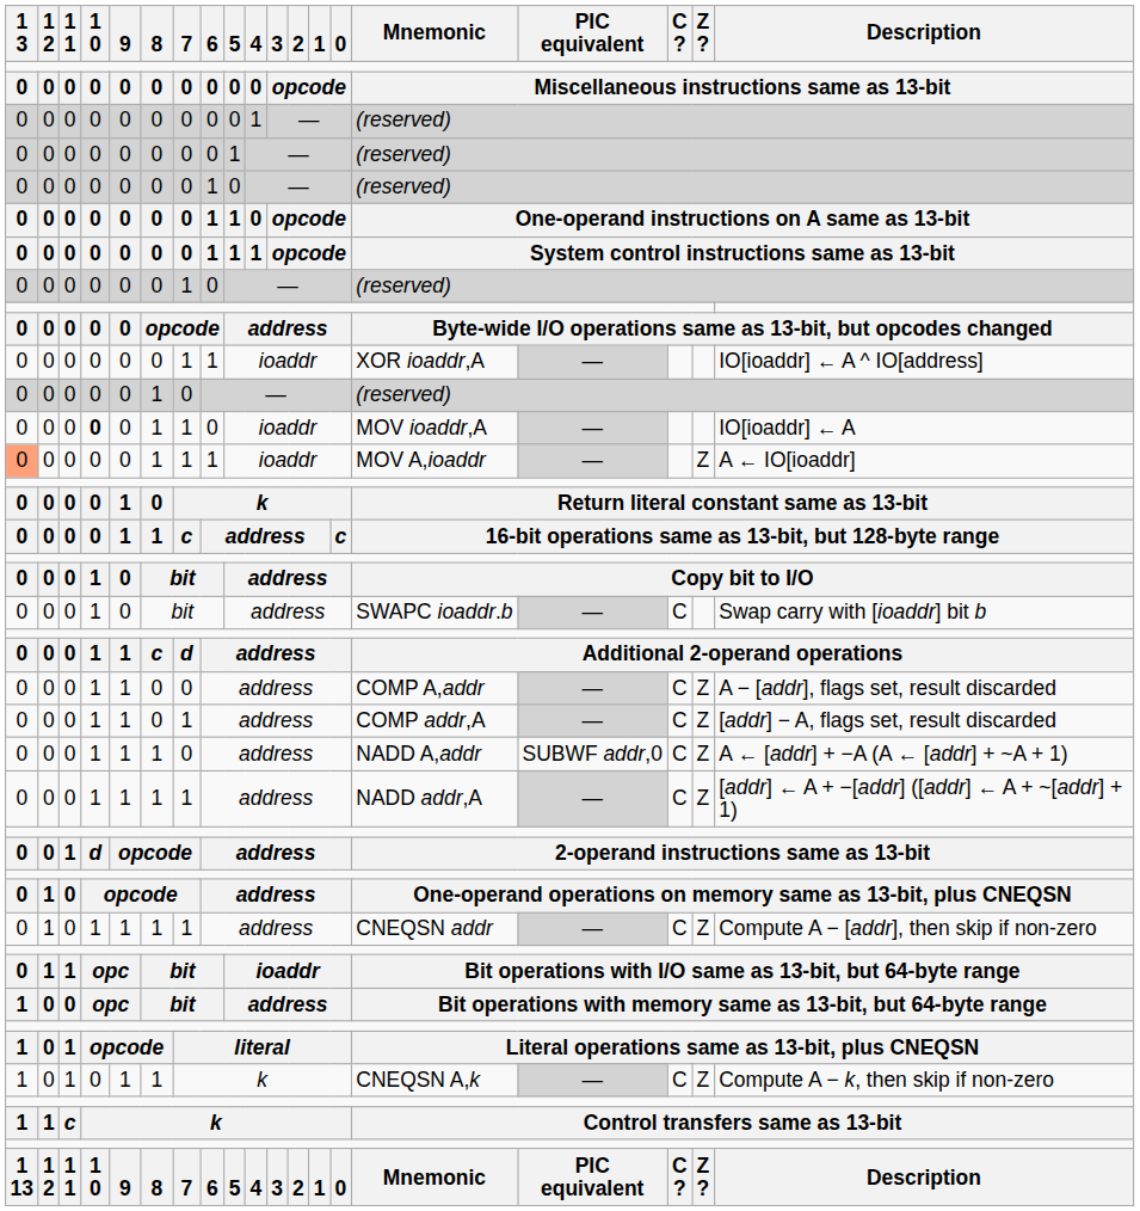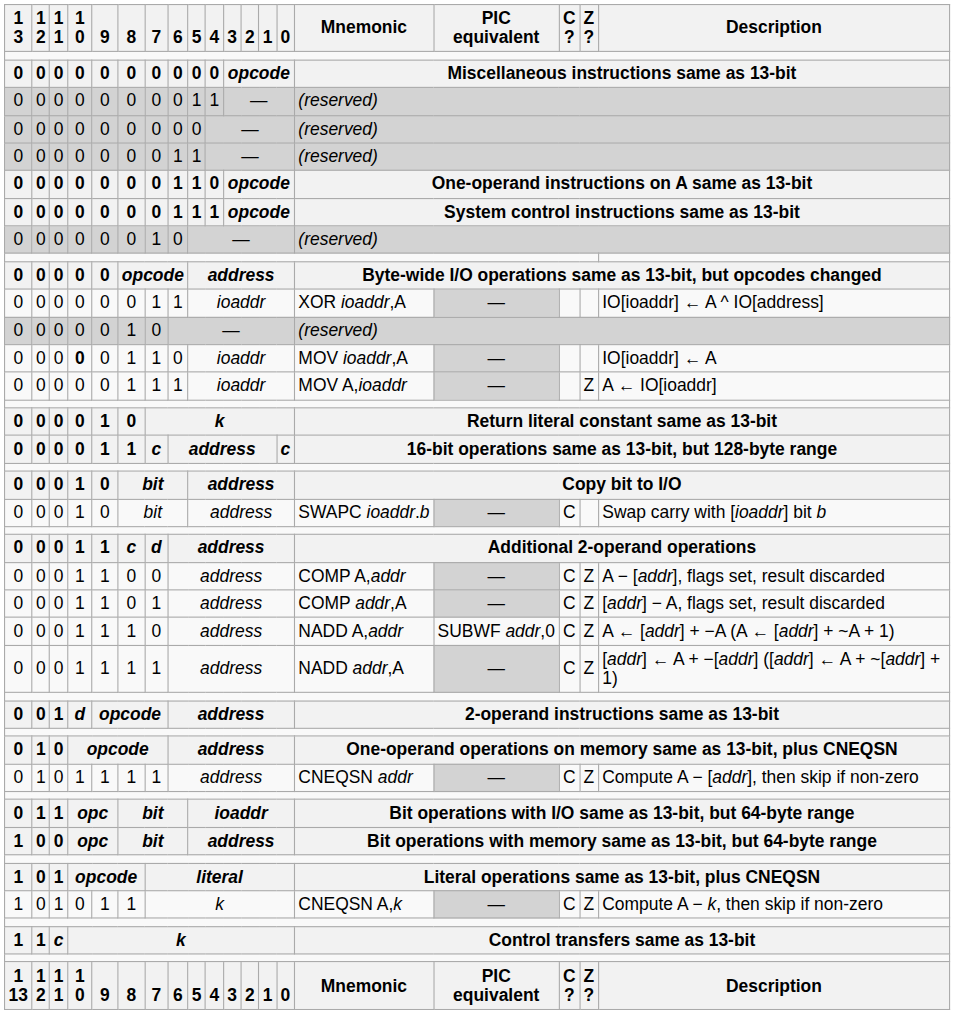 <table class="wikitable" style="text-align:center">
 <tr>
 <th>1<br>3</th>
 <th>1<br>2</th>
 <th>1<br>1</th>
 <th>1<br>0</th>
 <th><br>9</th>
 <th><br>8</th>
 <th><br>7</th>
 <th><br>6</th>
 <th><br>5</th>
 <th><br>4</th>
 <th><br>3</th>
 <th><br>2</th>
 <th><br>1</th>
 <th><br>0</th>
 <th>Mnemonic</th>
 <th>PIC<br>equivalent</th>
 <th>C<br>?</th>
 <th>Z<br>?</th>
 <th>Description</th>
 </tr>
 <tr>
 <td colspan=19></td>
 </tr>
 <tr>
 <th>0</th>
 <th>0</th>
 <th>0</th>
 <th>0</th>
 <th>0</th>
 <th>0</th>
 <th>0</th>
 <th>0</th>
 <th>0</th>
 <th>0</th>
 <th colspan=4><em>opcode</em></th>
 <th colspan=5>Miscellaneous instructions same as 13-bit</th>
 </tr>
 <tr bgcolor=lightgrey>
 <td>0</td>
 <td>0</td>
 <td>0</td>
 <td>0</td>
 <td>0</td>
 <td>0</td>
 <td>0</td>
 <td>0</td>
-<td>0</td>
+<td>1</td>
 <td>1</td>
 <td colspan=4>—</td>
 <td colspan=5 align=left><em>(reserved)</em></td>
 </tr>
 <tr bgcolor=lightgrey>
 <td>0</td>
 <td>0</td>
 <td>0</td>
 <td>0</td>
 <td>0</td>
 <td>0</td>
 <td>0</td>
 <td>0</td>
-<td>1</td>
+<td>0</td>
 <td colspan=5>—</td>
 <td colspan=5 align=left><em>(reserved)</em></td>
 </tr>
 <tr bgcolor=lightgrey>
 <td>0</td>
 <td>0</td>
 <td>0</td>
 <td>0</td>
 <td>0</td>
 <td>0</td>
 <td>0</td>
 <td>1</td>
-<td>0</td>
+<td>1</td>
 <td colspan=5>—</td>
 <td colspan=5 align=left><em>(reserved)</em></td>
 </tr>
 <tr>
 <th>0</th>
 <th>0</th>
 <th>0</th>
 <th>0</th>
 <th>0</th>
 <th>0</th>
 <th>0</th>
 <th>1</th>
 <th>1</th>
 <th>0</th>
 <th colspan=4><em>opcode</em></th>
 <th colspan=5>One-operand instructions on A same as 13-bit</th>
 </tr>
 <tr>
 <th>0</th>
 <th>0</th>
 <th>0</th>
 <th>0</th>
 <th>0</th>
 <th>0</th>
 <th>0</th>
 <th>1</th>
 <th>1</th>
 <th>1</th>
 <th colspan=4><em>opcode</em></th>
 <th colspan=5>System control instructions same as 13-bit</th>
 </tr>
 <tr bgcolor=lightgrey>
 <td>0</td>
 <td>0</td>
 <td>0</td>
 <td>0</td>
 <td>0</td>
 <td>0</td>
 <td>1</td>
 <td>0</td>
 <td colspan=6>—</td>
 <td colspan=5 align=left><em>(reserved)</em></td>
 </tr>
 <tr>
 <td colspan=18></td>
 </tr>
 <tr>
 <th>0</th>
 <th>0</th>
 <th>0</th>
 <th>0</th>
 <th>0</th>
 <th colspan=3><em>opcode</em></th>
 <th colspan=6><em>address</em></th>
 <th colspan=5>Byte-wide I/O operations same as 13-bit, but opcodes changed</th>
 </tr>
 <tr>
 <td>0</td>
 <td>0</td>
 <td>0</td>
 <td>0</td>
 <td>0</td>
 <td>0</td>
 <td>1</td>
 <td>1</td>
 <td colspan=6><em>ioaddr</em></td>
 <td align=left>XOR <em>ioaddr</em>,A</td>
 <td bgcolor=lightgrey>—</td>
 <td></td>
 <td></td>
 <td align=left>IO[ioaddr] ← A ^ IO[address]</td>
 </tr>
 <tr bgcolor=lightgrey>
 <td>0</td>
 <td>0</td>
 <td>0</td>
 <td>0</td>
 <td>0</td>
 <td>1</td>
 <td>0</td>
 <td colspan=7>—</td>
 <td colspan=5 align=left><em>(reserved)</em></td>
 </tr>
 <tr>
 <td>0</td>
 <td>0</td>
 <td>0</td>
 <td><strong>0</strong></td>
 <td>0</td>
 <td>1</td>
 <td>1</td>
 <td>0</td>
 <td colspan=6><em>ioaddr</em></td>
 <td align=left>MOV <em>ioaddr</em>,A</td>
 <td bgcolor=lightgrey>—</td>
 <td></td>
 <td></td>
 <td align=left>IO[ioaddr] ← A</td>
 </tr>
 <tr>
-<td style="background: lightsalmon;">0</td>
+<td>0</td>
 <td>0</td>
 <td>0</td>
 <td>0</td>
 <td>0</td>
 <td>1</td>
 <td>1</td>
 <td>1</td>
 <td colspan=6><em>ioaddr</em></td>
 <td align=left>MOV A,<em>ioaddr</em></td>
 <td bgcolor=lightgrey>—</td>
 <td></td>
 <td>Z</td>
 <td align=left>A ← IO[ioaddr]</td>
 </tr>
 <tr>
 <td colspan=19></td>
 </tr>
 <tr>
 <th>0</th>
 <th>0</th>
 <th>0</th>
 <th>0</th>
 <th>1</th>
 <th>0</th>
 <th colspan=8><em>k</em></th>
 <th colspan=5>Return literal constant same as 13-bit</th>
 </tr>
 <tr>
 <th>0</th>
 <th>0</th>
 <th>0</th>
 <th>0</th>
 <th>1</th>
 <th>1</th>
 <th><em>c</em></th>
 <th colspan=6><em>address</em></th>
 <th><em>c</em></th>
 <th colspan=5>16-bit operations same as 13-bit, but 128-byte range</th>
 </tr>
 <tr>
 <td colspan=19></td>
 </tr>
 <tr>
 <th>0</th>
 <th>0</th>
 <th>0</th>
 <th>1</th>
 <th>0</th>
 <th colspan=3><em>bit</em></th>
 <th colspan=6><em>address</em></th>
 <th colspan=5>Copy bit to I/O</th>
 </tr>
 <tr>
 <td>0</td>
 <td>0</td>
 <td>0</td>
 <td>1</td>
 <td>0</td>
 <td colspan=3><em>bit</em></td>
 <td colspan=6><em>address</em></td>
 <td align=left>SWAPC <em>ioaddr</em>.<em>b</em></td>
 <td bgcolor=lightgrey>—</td>
 <td>C</td>
 <td></td>
 <td align=left>Swap carry with [<em>ioaddr</em>] bit <em>b</em></td>
 </tr>
 <tr>
 <td colspan=19></td>
 </tr>
 <tr>
 <th>0</th>
 <th>0</th>
 <th>0</th>
 <th>1</th>
 <th>1</th>
 <th><em>c</em></th>
 <th><em>d</em></th>
 <th colspan=7><em>address</em></th>
 <th colspan=5>Additional 2-operand operations</th>
 </tr>
 <tr>
 <td>0</td>
 <td>0</td>
 <td>0</td>
 <td>1</td>
 <td>1</td>
 <td>0</td>
 <td>0</td>
 <td colspan=7><em>address</em></td>
 <td align=left>COMP A,<em>addr</em></td>
 <td bgcolor=lightgrey>—</td>
 <td>C</td>
 <td>Z</td>
 <td align=left>A − [<em>addr</em>], flags set, result discarded</td>
 </tr>
 <tr>
 <td>0</td>
 <td>0</td>
 <td>0</td>
 <td>1</td>
 <td>1</td>
 <td>0</td>
 <td>1</td>
 <td colspan=7><em>address</em></td>
 <td align=left>COMP <em>addr</em>,A</td>
 <td bgcolor=lightgrey>—</td>
 <td>C</td>
 <td>Z</td>
 <td align=left>[<em>addr</em>] − A, flags set, result discarded</td>
 </tr>
 <tr>
 <td>0</td>
 <td>0</td>
 <td>0</td>
 <td>1</td>
 <td>1</td>
 <td>1</td>
 <td>0</td>
 <td colspan=7><em>address</em></td>
 <td align=left>NADD A,<em>addr</em></td>
 <td align=left>SUBWF <em>addr</em>,0</td>
 <td>C</td>
 <td>Z</td>
 <td align=left>A ← [<em>addr</em>] + −A (A ← [<em>addr</em>] + ~A + 1)</td>
 </tr>
 <tr>
 <td>0</td>
 <td>0</td>
 <td>0</td>
 <td>1</td>
 <td>1</td>
 <td>1</td>
 <td>1</td>
 <td colspan=7><em>address</em></td>
 <td align=left>NADD <em>addr</em>,A</td>
 <td bgcolor=lightgrey>—</td>
 <td>C</td>
 <td>Z</td>
 <td align=left>[<em>addr</em>] ← A + −[<em>addr</em>] ([<em>addr</em>] ← A + ~[<em>addr</em>] + 1)</td>
 </tr>
 <tr>
 <td colspan=19></td>
 </tr>
 <tr>
 <th>0</th>
 <th>0</th>
 <th>1</th>
 <th><em>d</em></th>
 <th colspan=3><em>opcode</em></th>
 <th colspan=7><em>address</em></th>
 <th colspan=5>2-operand instructions same as 13-bit</th>
 </tr>
 <tr>
 <td colspan=19></td>
 </tr>
 <tr>
 <th>0</th>
 <th>1</th>
 <th>0</th>
 <th colspan=4><em>opcode</em></th>
 <th colspan=7><em>address</em></th>
 <th colspan=5>One-operand operations on memory same as 13-bit, plus CNEQSN</th>
 </tr>
 <tr>
 <td>0</td>
 <td>1</td>
 <td>0</td>
 <td>1</td>
 <td>1</td>
 <td>1</td>
 <td>1</td>
 <td colspan=7><em>address</em></td>
 <td align=left>CNEQSN <em>addr</em></td>
 <td bgcolor=lightgrey>—</td>
 <td>C</td>
 <td>Z</td>
 <td align=left>Compute A − [<em>addr</em>], then skip if non-zero</td>
 </tr>
 <tr>
 <td colspan=19></td>
 </tr>
 <tr>
 <th>0</th>
 <th>1</th>
 <th>1</th>
 <th colspan=2><em>opc</em></th>
 <th colspan=3><em>bit</em></th>
 <th colspan=6><em>ioaddr</em></th>
 <th colspan=5>Bit operations with I/O same as 13-bit, but 64-byte range</th>
 </tr>
 <tr>
 <th>1</th>
 <th>0</th>
 <th>0</th>
 <th colspan=2><em>opc</em></th>
 <th colspan=3><em>bit</em></th>
 <th colspan=6><em>address</em></th>
 <th colspan=5>Bit operations with memory same as 13-bit,  but 64-byte range</th>
 </tr>
 <tr>
 <td colspan=19></td>
 </tr>
 <tr>
 <th>1</th>
 <th>0</th>
 <th>1</th>
 <th colspan=3><em>opcode</em></th>
 <th colspan=8><em>literal</em></th>
 <th colspan=5>Literal operations same as 13-bit, plus CNEQSN</th>
 </tr>
 <tr>
 <td>1</td>
 <td>0</td>
 <td>1</td>
 <td>0</td>
 <td>1</td>
 <td>1</td>
 <td colspan=8><em>k</em></td>
 <td align=left>CNEQSN A,<em>k</em></td>
 <td bgcolor=lightgrey>—</td>
 <td>C</td>
 <td>Z</td>
 <td align=left>Compute A − <em>k</em>, then skip if non-zero</td>
 </tr>
 <tr>
 <td colspan=19></td>
 </tr>
 <tr>
 <th>1</th>
 <th>1</th>
 <th><em>c</em></th>
 <th colspan=11><em>k</em></th>
 <th colspan=5>Control transfers same as 13-bit</th>
 </tr>
 <tr>
 <td colspan=19></td>
 </tr>
 <tr>
 <th>1<br>13</th>
 <th>1<br>2</th>
 <th>1<br>1</th>
 <th>1<br>0</th>
 <th><br>9</th>
 <th><br>8</th>
 <th><br>7</th>
 <th><br>6</th>
 <th><br>5</th>
 <th><br>4</th>
 <th><br>3</th>
 <th><br>2</th>
 <th><br>1</th>
 <th><br>0</th>
 <th>Mnemonic</th>
 <th>PIC<br>equivalent</th>
 <th>C<br>?</th>
 <th>Z<br>?</th>
 <th>Description</th>
 </tr>
 </table>
